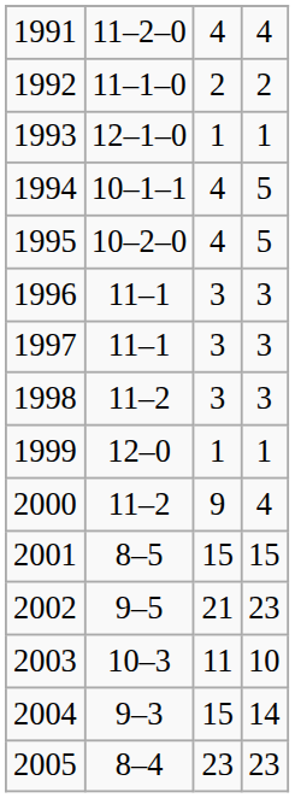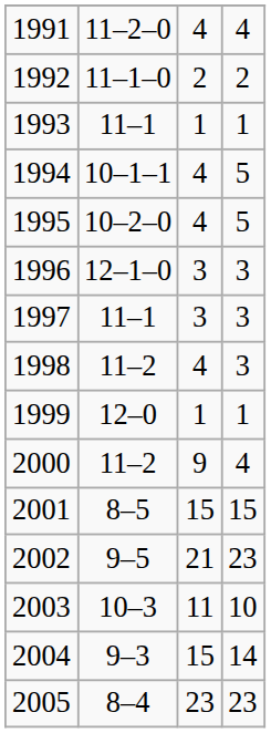 <table class="wikitable" style="font-size: 90%; text-align:center">
 <tr>
 </tr>
 <tr>
 <td>1991</td>
 <td>11–2–0</td>
 <td>4</td>
 <td>4</td>
 </tr>
 <tr>
 <td>1992</td>
 <td>11–1–0</td>
 <td>2</td>
 <td>2</td>
 </tr>
 <tr>
 <td>1993</td>
-<td>12–1–0</td>
+<td>11–1</td>
 <td>1</td>
 <td>1</td>
 </tr>
 <tr>
 <td>1994</td>
 <td>10–1–1</td>
 <td>4</td>
 <td>5</td>
 </tr>
 <tr>
 <td>1995</td>
 <td>10–2–0</td>
 <td>4</td>
 <td>5</td>
 </tr>
 <tr>
 <td>1996</td>
-<td>11–1</td>
+<td>12–1–0</td>
 <td>3</td>
 <td>3</td>
 </tr>
 <tr>
 <td>1997</td>
 <td>11–1</td>
 <td>3</td>
 <td>3</td>
 </tr>
 <tr>
 <td>1998</td>
 <td>11–2</td>
-<td>3</td>
+<td>4</td>
 <td>3</td>
 </tr>
 <tr>
 <td>1999</td>
 <td>12–0</td>
 <td>1</td>
 <td>1</td>
 </tr>
 <tr>
 <td>2000</td>
 <td>11–2</td>
 <td>9</td>
 <td>4</td>
 </tr>
 <tr>
 <td>2001</td>
 <td>8–5</td>
 <td>15</td>
 <td>15</td>
 </tr>
 <tr>
 <td>2002</td>
 <td>9–5</td>
 <td>21</td>
 <td>23</td>
 </tr>
 <tr>
 <td>2003</td>
 <td>10–3</td>
 <td>11</td>
 <td>10</td>
 </tr>
 <tr>
 <td>2004</td>
 <td>9–3</td>
 <td>15</td>
 <td>14</td>
 </tr>
 <tr>
 <td>2005</td>
 <td>8–4</td>
 <td>23</td>
 <td>23</td>
 </tr>
 </table>
